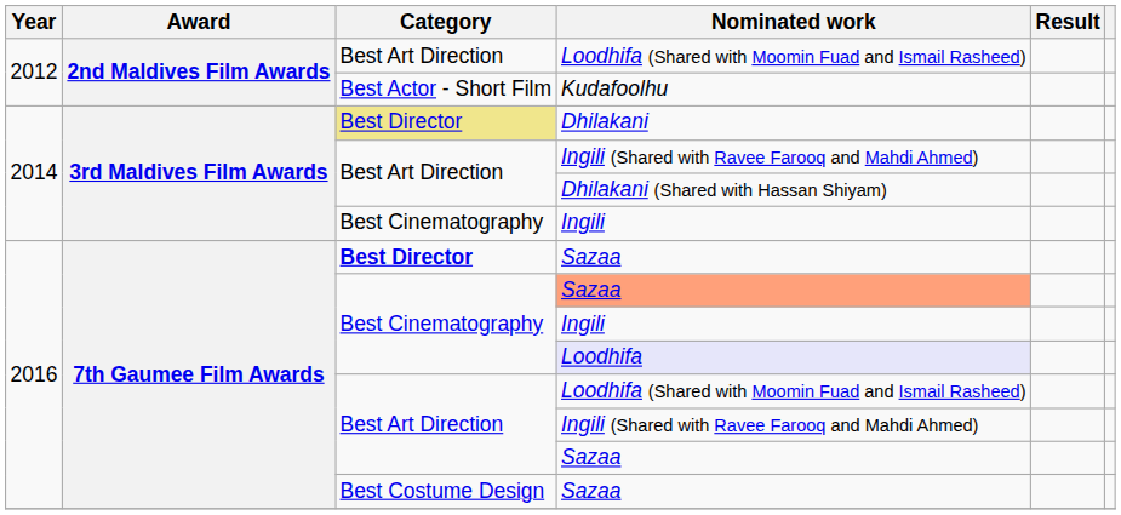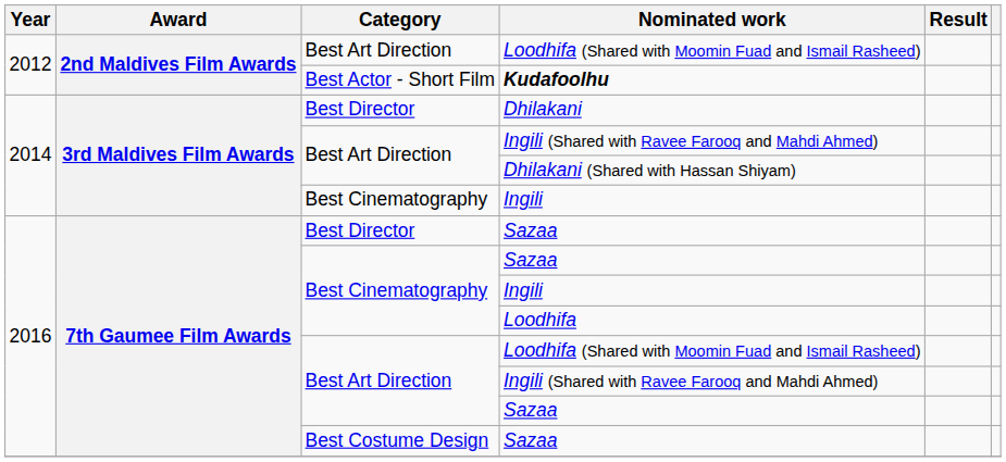 <table class="wikitable plainrowheaders sortable">
 <tr>
 <th scope="col">Year</th>
 <th scope="col">Award</th>
 <th scope="col">Category</th>
 <th scope="col">Nominated work</th>
 <th scope="col">Result</th>
 <th scope="col" class="unsortable"></th>
 </tr>
 <tr>
 <td rowspan="2">2012</td>
 <th scope="row" rowspan="2"><a href='#'>2nd Maldives Film Awards</a></th>
 <td>Best Art Direction</td>
 <td><em><a href='#'>Loodhifa</a></em> <small>(Shared with <a href='#'>Moomin Fuad</a> and <a href='#'>Ismail Rasheed</a>)</small></td>
 <td></td>
 <td style="text-align:center;"></td>
 </tr>
 <tr>
 <td><a href='#'>Best Actor</a> - Short Film</td>
-<td><em>Kudafoolhu</em></td>
+<td><strong><em>Kudafoolhu</em></strong></td>
 <td></td>
 <td style="text-align:center;"></td>
 </tr>
 <tr>
 <td rowspan="4">2014</td>
 <th scope="row" rowspan="4"><a href='#'>3rd Maldives Film Awards</a></th>
-<td style="background: khaki;"><a href='#'>Best Director</a></td>
+<td><a href='#'>Best Director</a></td>
 <td><em><a href='#'>Dhilakani</a></em></td>
 <td></td>
 <td style="text-align:center;"></td>
 </tr>
 <tr>
 <td rowspan="2">Best Art Direction</td>
 <td><em><a href='#'>Ingili</a></em> <small>(Shared with <a href='#'>Ravee Farooq</a> and <a href='#'>Mahdi Ahmed</a>)</small></td>
 <td></td>
 <td style="text-align:center;"></td>
 </tr>
 <tr>
 <td><em><a href='#'>Dhilakani</a></em> <small>(Shared with Hassan Shiyam)</small></td>
 <td></td>
 <td style="text-align:center;"></td>
 </tr>
 <tr>
 <td>Best Cinematography</td>
 <td><em><a href='#'>Ingili</a></em></td>
 <td></td>
 <td style="text-align:center;"></td>
 </tr>
 <tr>
 <td rowspan="8">2016</td>
 <th scope="row" rowspan="8"><a href='#'>7th Gaumee Film Awards</a></th>
-<td><strong><a href='#'>Best Director</a></strong></td>
+<td><a href='#'>Best Director</a></td>
 <td><em><a href='#'>Sazaa</a></em></td>
 <td></td>
 <td style="text-align:center;"></td>
 </tr>
 <tr>
 <td rowspan="3"><a href='#'>Best Cinematography</a></td>
-<td style="background: lightsalmon;"><em><a href='#'>Sazaa</a></em></td>
+<td><em><a href='#'>Sazaa</a></em></td>
 <td></td>
 <td style="text-align:center;"></td>
 </tr>
 <tr>
 <td><em><a href='#'>Ingili</a></em></td>
 <td></td>
 <td style="text-align:center;"></td>
 </tr>
 <tr>
-<td style="background: lavender;"><em><a href='#'>Loodhifa</a></em></td>
+<td><em><a href='#'>Loodhifa</a></em></td>
 <td></td>
 <td style="text-align:center;"></td>
 </tr>
 <tr>
 <td rowspan="3"><a href='#'>Best Art Direction</a></td>
 <td><em><a href='#'>Loodhifa</a></em> <small>(Shared with <a href='#'>Moomin Fuad</a> and <a href='#'>Ismail Rasheed</a>)</small></td>
 <td></td>
 <td style="text-align:center;"></td>
 </tr>
 <tr>
 <td><em><a href='#'>Ingili</a></em> <small>(Shared with <a href='#'>Ravee Farooq</a> and Mahdi Ahmed)</small></td>
 <td></td>
 <td style="text-align:center;"></td>
 </tr>
 <tr>
 <td><em><a href='#'>Sazaa</a></em></td>
 <td></td>
 <td style="text-align:center;"></td>
 </tr>
 <tr>
 <td><a href='#'>Best Costume Design</a></td>
 <td><em><a href='#'>Sazaa</a></em></td>
 <td></td>
 <td style="text-align:center;"></td>
 </tr>
 <tr>
 </tr>
 </table>
